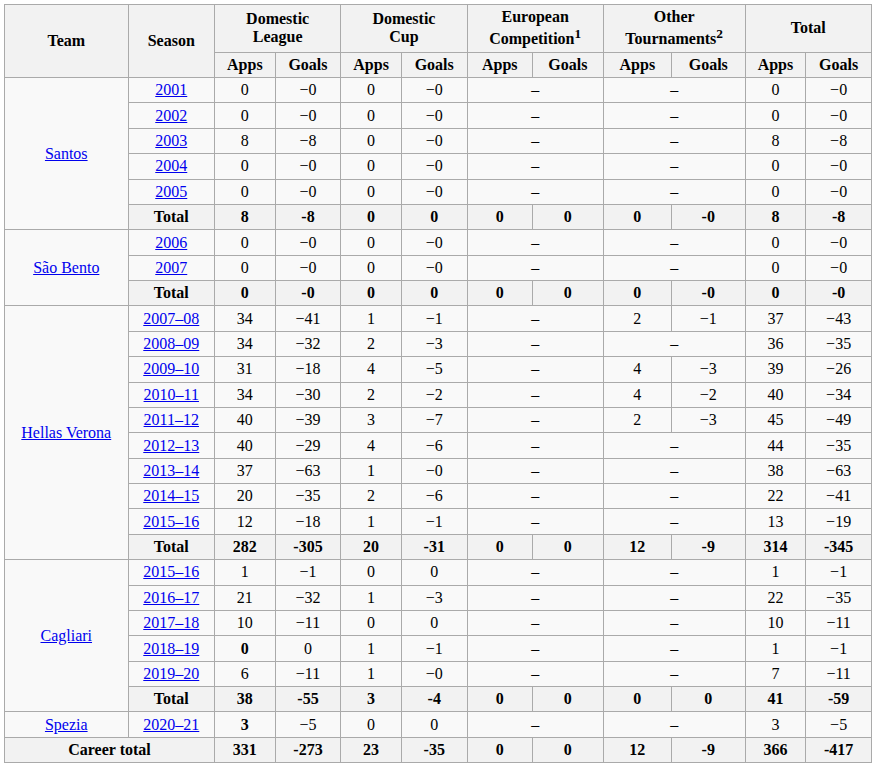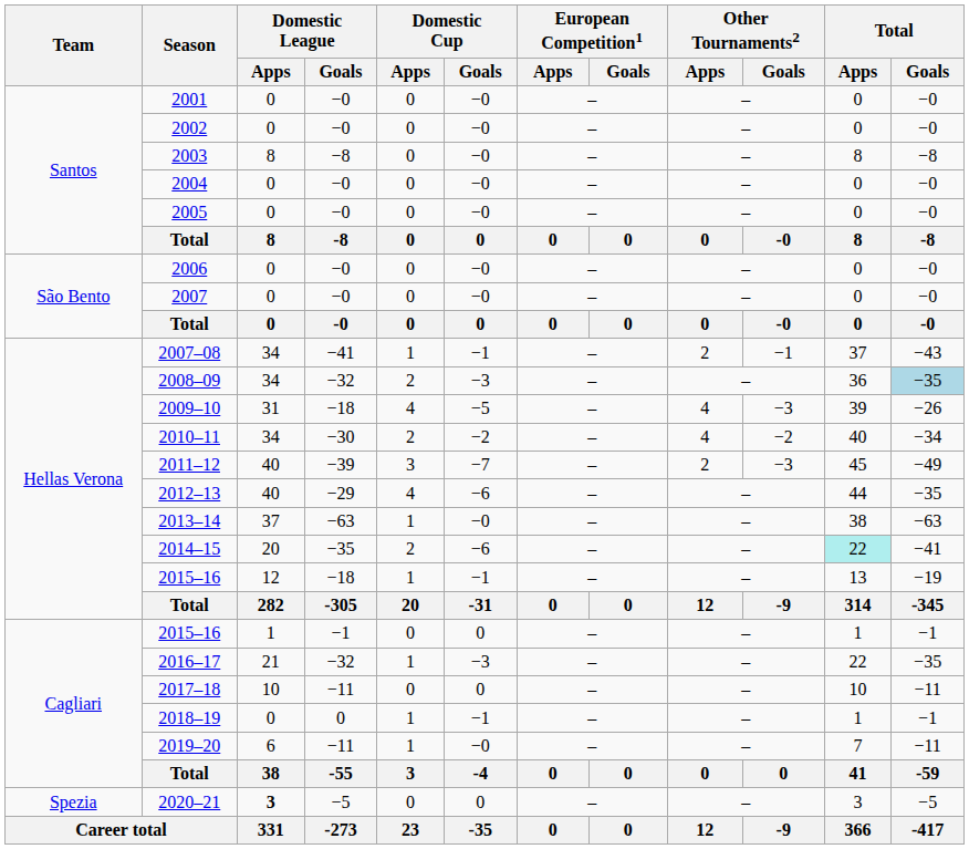 <table class="wikitable" style="text-align:center">
 <tr>
 <th rowspan=2 width=10%>Team</th>
 <th rowspan=2 width=7%>Season</th>
 <th colspan=2 width=10%>Domestic<br>League</th>
 <th colspan=2 width=10%>Domestic<br>Cup</th>
 <th colspan=2 width=10%>European<br>Competition<sup>1</sup></th>
 <th colspan=2 width=10%>Other<br>Tournaments<sup>2</sup></th>
 <th colspan=2 width=10%>Total</th>
 </tr>
 <tr>
 <th>Apps</th>
 <th>Goals</th>
 <th>Apps</th>
 <th>Goals</th>
 <th>Apps</th>
 <th>Goals</th>
 <th>Apps</th>
 <th>Goals</th>
 <th>Apps</th>
 <th>Goals</th>
 </tr>
 <tr>
 <td rowspan="6"><a href='#'>Santos</a></td>
 <td><a href='#'>2001</a></td>
 <td>0</td>
 <td>−0</td>
 <td>0</td>
 <td>−0</td>
 <td colspan="2">–</td>
 <td colspan="2">–</td>
 <td>0</td>
 <td>−0</td>
 </tr>
 <tr>
 <td><a href='#'>2002</a></td>
 <td>0</td>
 <td>−0</td>
 <td>0</td>
 <td>−0</td>
 <td colspan="2">–</td>
 <td colspan="2">–</td>
 <td>0</td>
 <td>−0</td>
 </tr>
 <tr>
 <td><a href='#'>2003</a></td>
 <td>8</td>
 <td>−8</td>
 <td>0</td>
 <td>−0</td>
 <td colspan="2">–</td>
 <td colspan="2">–</td>
 <td>8</td>
 <td>−8</td>
 </tr>
 <tr>
 <td><a href='#'>2004</a></td>
 <td>0</td>
 <td>−0</td>
 <td>0</td>
 <td>−0</td>
 <td colspan="2">–</td>
 <td colspan="2">–</td>
 <td>0</td>
 <td>−0</td>
 </tr>
 <tr>
 <td><a href='#'>2005</a></td>
 <td>0</td>
 <td>−0</td>
 <td>0</td>
 <td>−0</td>
 <td colspan="2">–</td>
 <td colspan="2">–</td>
 <td>0</td>
 <td>−0</td>
 </tr>
 <tr>
 <th>Total</th>
 <th>8</th>
 <th>-8</th>
 <th>0</th>
 <th>0</th>
 <th>0</th>
 <th>0</th>
 <th>0</th>
 <th>-0</th>
 <th>8</th>
 <th>-8</th>
 </tr>
 <tr>
 <td rowspan="3"><a href='#'>São Bento</a></td>
 <td><a href='#'>2006</a></td>
 <td>0</td>
 <td>−0</td>
 <td>0</td>
 <td>−0</td>
 <td colspan="2">–</td>
 <td colspan="2">–</td>
 <td>0</td>
 <td>−0</td>
 </tr>
 <tr>
 <td><a href='#'>2007</a></td>
 <td>0</td>
 <td>−0</td>
 <td>0</td>
 <td>−0</td>
 <td colspan="2">–</td>
 <td colspan="2">–</td>
 <td>0</td>
 <td>−0</td>
 </tr>
 <tr>
 <th>Total</th>
 <th>0</th>
 <th>-0</th>
 <th>0</th>
 <th>0</th>
 <th>0</th>
 <th>0</th>
 <th>0</th>
 <th>-0</th>
 <th>0</th>
 <th>-0</th>
 </tr>
 <tr>
 <td rowspan="10"><a href='#'>Hellas Verona</a></td>
 <td><a href='#'>2007–08</a></td>
 <td>34</td>
 <td>−41</td>
 <td>1</td>
 <td>−1</td>
 <td colspan="2">–</td>
 <td>2</td>
 <td>−1</td>
 <td>37</td>
 <td>−43</td>
 </tr>
 <tr>
 <td><a href='#'>2008–09</a></td>
 <td>34</td>
 <td>−32</td>
 <td>2</td>
 <td>−3</td>
 <td colspan="2">–</td>
 <td colspan="2">–</td>
 <td>36</td>
-<td>−35</td>
+<td style="background: lightblue;">−35</td>
 </tr>
 <tr>
 <td><a href='#'>2009–10</a></td>
 <td>31</td>
 <td>−18</td>
 <td>4</td>
 <td>−5</td>
 <td colspan="2">–</td>
 <td>4</td>
 <td>−3</td>
 <td>39</td>
 <td>−26</td>
 </tr>
 <tr>
 <td><a href='#'>2010–11</a></td>
 <td>34</td>
 <td>−30</td>
 <td>2</td>
 <td>−2</td>
 <td colspan="2">–</td>
 <td>4</td>
 <td>−2</td>
 <td>40</td>
 <td>−34</td>
 </tr>
 <tr>
 <td><a href='#'>2011–12</a></td>
 <td>40</td>
 <td>−39</td>
 <td>3</td>
 <td>−7</td>
 <td colspan="2">–</td>
 <td>2</td>
 <td>−3</td>
 <td>45</td>
 <td>−49</td>
 </tr>
 <tr>
 <td><a href='#'>2012–13</a></td>
 <td>40</td>
 <td>−29</td>
 <td>4</td>
 <td>−6</td>
 <td colspan="2">–</td>
 <td colspan="2">–</td>
 <td>44</td>
 <td>−35</td>
 </tr>
 <tr>
 <td><a href='#'>2013–14</a></td>
 <td>37</td>
 <td>−63</td>
 <td>1</td>
 <td>−0</td>
 <td colspan="2">–</td>
 <td colspan="2">–</td>
 <td>38</td>
 <td>−63</td>
 </tr>
 <tr>
 <td><a href='#'>2014–15</a></td>
 <td>20</td>
 <td>−35</td>
 <td>2</td>
 <td>−6</td>
 <td colspan="2">–</td>
 <td colspan="2">–</td>
-<td>22</td>
+<td style="background: paleturquoise;">22</td>
 <td>−41</td>
 </tr>
 <tr>
 <td><a href='#'>2015–16</a></td>
 <td>12</td>
 <td>−18</td>
 <td>1</td>
 <td>−1</td>
 <td colspan="2">–</td>
 <td colspan="2">–</td>
 <td>13</td>
 <td>−19</td>
 </tr>
 <tr>
 <th>Total</th>
 <th>282</th>
 <th>-305</th>
 <th>20</th>
 <th>-31</th>
 <th>0</th>
 <th>0</th>
 <th>12</th>
 <th>-9</th>
 <th>314</th>
 <th>-345</th>
 </tr>
 <tr>
 <td rowspan="6"><a href='#'>Cagliari</a></td>
 <td><a href='#'>2015–16</a></td>
 <td>1</td>
 <td>−1</td>
 <td>0</td>
 <td>0</td>
 <td colspan="2">–</td>
 <td colspan="2">–</td>
 <td>1</td>
 <td>−1</td>
 </tr>
 <tr>
 <td><a href='#'>2016–17</a></td>
 <td>21</td>
 <td>−32</td>
 <td>1</td>
 <td>−3</td>
 <td colspan="2">–</td>
 <td colspan="2">–</td>
 <td>22</td>
 <td>−35</td>
 </tr>
 <tr>
 <td><a href='#'>2017–18</a></td>
 <td>10</td>
 <td>−11</td>
 <td>0</td>
 <td>0</td>
 <td colspan="2">–</td>
 <td colspan="2">–</td>
 <td>10</td>
 <td>−11</td>
 </tr>
 <tr>
 <td><a href='#'>2018–19</a></td>
-<td><strong>0</strong></td>
+<td>0</td>
 <td>0</td>
 <td>1</td>
 <td>−1</td>
 <td colspan="2">–</td>
 <td colspan="2">–</td>
 <td>1</td>
 <td>−1</td>
 </tr>
 <tr>
 <td><a href='#'>2019–20</a></td>
 <td>6</td>
 <td>−11</td>
 <td>1</td>
 <td>−0</td>
 <td colspan="2">–</td>
 <td colspan="2">–</td>
 <td>7</td>
 <td>−11</td>
 </tr>
 <tr>
 <th>Total</th>
 <th>38</th>
 <th>-55</th>
 <th>3</th>
 <th>-4</th>
 <th>0</th>
 <th>0</th>
 <th>0</th>
 <th>0</th>
 <th>41</th>
 <th>-59</th>
 </tr>
 <tr>
 <td><a href='#'>Spezia</a></td>
 <td><a href='#'>2020–21</a></td>
 <td><strong>3</strong></td>
 <td>−5</td>
 <td>0</td>
 <td>0</td>
 <td colspan="2">–</td>
 <td colspan="2">–</td>
 <td>3</td>
 <td>−5</td>
 </tr>
 <tr>
 <th colspan="2">Career total</th>
 <th>331</th>
 <th>-273</th>
 <th>23</th>
 <th>-35</th>
 <th>0</th>
 <th>0</th>
 <th>12</th>
 <th>-9</th>
 <th>366</th>
 <th>-417</th>
 </tr>
 </table>
